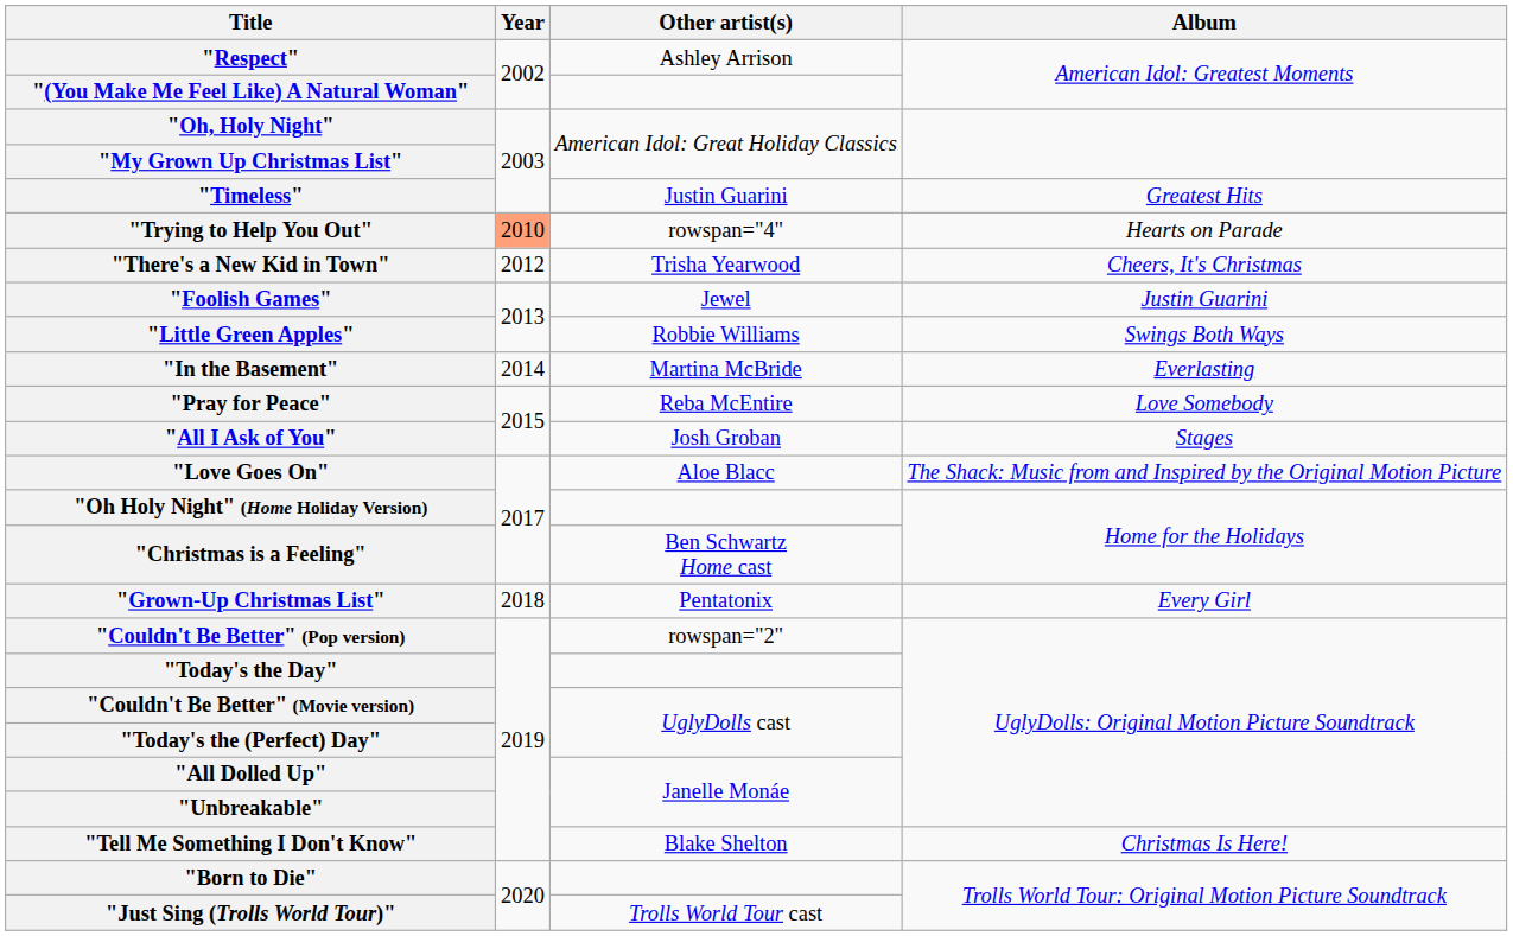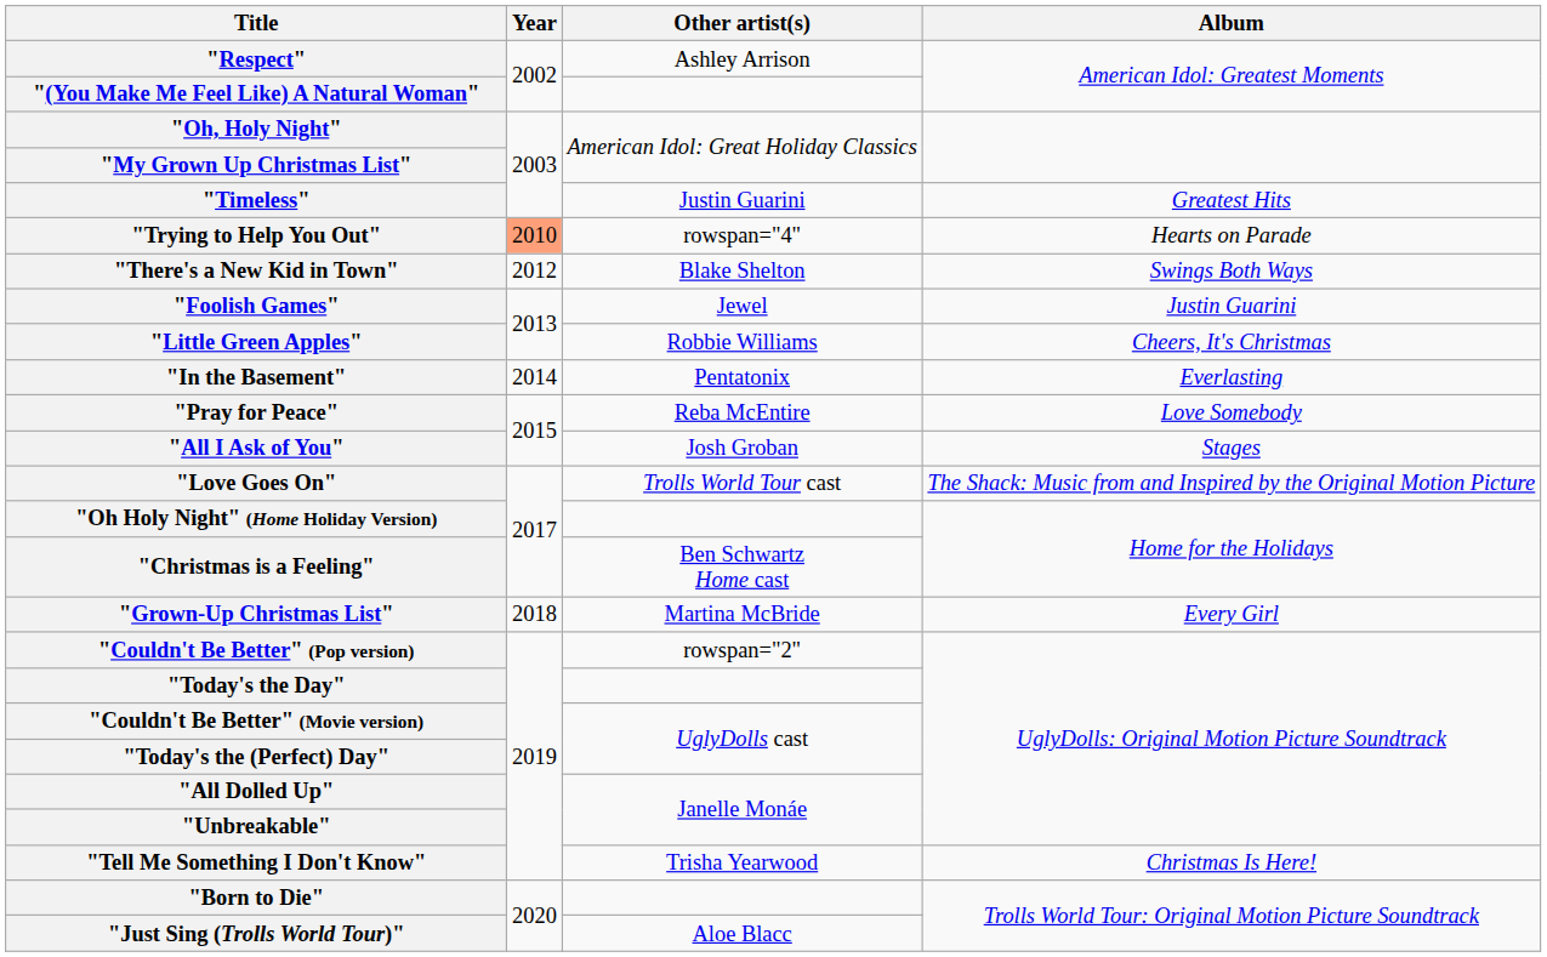 <table class="wikitable plainrowheaders" style="text-align:center;">
 <tr>
 <th scope="col" style="width:22em;">Title</th>
 <th scope="col">Year</th>
 <th scope="col">Other artist(s)</th>
 <th scope="col">Album</th>
 </tr>
 <tr>
 <th scope="row">"<a href='#'>Respect</a>"</th>
 <td rowspan="2">2002</td>
 <td>Ashley Arrison</td>
 <td rowspan="2"><em><a href='#'>American Idol: Greatest Moments</a></em></td>
 </tr>
 <tr>
 <th scope="row">"<a href='#'>(You Make Me Feel Like) A Natural Woman</a>"</th>
 </tr>
 <tr>
 <th scope="row">"<a href='#'>Oh, Holy Night</a>"</th>
 <td rowspan="3">2003</td>
 <td rowspan="2"><em>American Idol: Great Holiday Classics</em></td>
 </tr>
 <tr>
 <th scope="row">"<a href='#'>My Grown Up Christmas List</a>"</th>
 </tr>
 <tr>
 <th scope="row">"<a href='#'>Timeless</a>"</th>
 <td><a href='#'>Justin Guarini</a></td>
 <td><em><a href='#'>Greatest Hits</a></em></td>
 </tr>
 <tr>
 <th scope="row">"Trying to Help You Out"</th>
 <td style="background: lightsalmon;">2010</td>
 <td>rowspan="4" </td>
 <td><em>Hearts on Parade</em></td>
 </tr>
 <tr>
 <th scope="row">"There's a New Kid in Town"</th>
 <td>2012</td>
-<td><a href='#'>Trisha Yearwood</a></td>
-<td><em><a href='#'>Cheers, It's Christmas</a></em></td>
+<td><a href='#'>Blake Shelton</a></td>
+<td><em><a href='#'>Swings Both Ways</a></em></td>
 </tr>
 <tr>
 <th scope="row">"<a href='#'>Foolish Games</a>"</th>
 <td rowspan="2">2013</td>
 <td><a href='#'>Jewel</a></td>
 <td><em><a href='#'>Justin Guarini</a></em></td>
 </tr>
 <tr>
 <th scope="row">"<a href='#'>Little Green Apples</a>"</th>
 <td><a href='#'>Robbie Williams</a></td>
-<td><em><a href='#'>Swings Both Ways</a></em></td>
+<td><em><a href='#'>Cheers, It's Christmas</a></em></td>
 </tr>
 <tr>
 <th scope="row">"In the Basement"</th>
 <td>2014</td>
-<td><a href='#'>Martina McBride</a></td>
+<td><a href='#'>Pentatonix</a></td>
 <td><em><a href='#'>Everlasting</a></em></td>
 </tr>
 <tr>
 <th scope="row">"Pray for Peace"</th>
 <td rowspan="2">2015</td>
 <td><a href='#'>Reba McEntire</a></td>
 <td><em><a href='#'>Love Somebody</a></em></td>
 </tr>
 <tr>
 <th scope="row">"<a href='#'>All I Ask of You</a>"</th>
 <td><a href='#'>Josh Groban</a></td>
 <td><em><a href='#'>Stages</a></em></td>
 </tr>
 <tr>
 <th scope="row">"Love Goes On"</th>
 <td rowspan="3">2017</td>
-<td><a href='#'>Aloe Blacc</a></td>
+<td><em><a href='#'>Trolls World Tour</a></em> cast</td>
 <td><em><a href='#'>The Shack: Music from and Inspired by the Original Motion Picture</a></em></td>
 </tr>
 <tr>
 <th scope="row">"Oh Holy Night" <small>(<em>Home</em> Holiday Version)</small></th>
 <td></td>
 <td rowspan="2"><em><a href='#'>Home for the Holidays</a></em></td>
 </tr>
 <tr>
 <th scope="row">"Christmas is a Feeling"</th>
 <td><a href='#'>Ben Schwartz</a> <br> <a href='#'><em>Home</em> cast</a></td>
 </tr>
 <tr>
 <th scope="row">"<a href='#'>Grown-Up Christmas List</a>"</th>
 <td>2018</td>
-<td><a href='#'>Pentatonix</a></td>
+<td><a href='#'>Martina McBride</a></td>
 <td><em><a href='#'>Every Girl</a></em></td>
 </tr>
 <tr>
 <th scope="row">"<a href='#'>Couldn't Be Better</a>" <small>(Pop version)</small></th>
 <td rowspan="7">2019</td>
 <td>rowspan="2" </td>
 <td rowspan="6"><em><a href='#'>UglyDolls: Original Motion Picture Soundtrack</a></em></td>
 </tr>
 <tr>
 <th scope="row">"Today's the Day"</th>
 </tr>
 <tr>
 <th scope="row">"Couldn't Be Better" <small>(Movie version)</small></th>
 <td rowspan="2"><em><a href='#'>UglyDolls</a></em> cast</td>
 </tr>
 <tr>
 <th scope="row">"Today's the (Perfect) Day"</th>
 </tr>
 <tr>
 <th scope="row">"All Dolled Up"</th>
 <td rowspan="2"><a href='#'>Janelle Monáe</a></td>
 </tr>
 <tr>
 <th scope="row">"Unbreakable"</th>
 </tr>
 <tr>
 <th scope="row">"Tell Me Something I Don't Know"</th>
-<td><a href='#'>Blake Shelton</a></td>
+<td><a href='#'>Trisha Yearwood</a></td>
 <td><em><a href='#'>Christmas Is Here!</a></em></td>
 </tr>
 <tr>
 <th scope="row">"Born to Die"</th>
 <td rowspan="2">2020</td>
 <td></td>
 <td rowspan="2"><em><a href='#'>Trolls World Tour: Original Motion Picture Soundtrack</a></em></td>
 </tr>
 <tr>
 <th scope="row">"Just Sing (<em>Trolls World Tour</em>)"</th>
-<td><em><a href='#'>Trolls World Tour</a></em> cast</td>
+<td><a href='#'>Aloe Blacc</a></td>
 </tr>
 </table>
